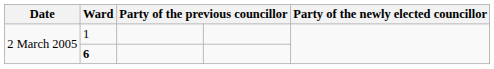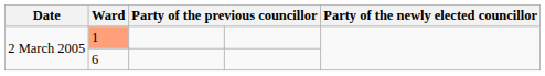 <table class="wikitable">
 <tr>
 <th>Date</th>
 <th>Ward</th>
 <th colspan=2>Party of the previous councillor</th>
 <th colspan=2>Party of the newly elected councillor</th>
 </tr>
 <tr>
 <td rowspan=2>2 March 2005</td>
-<td>1</td>
+<td style="background: lightsalmon;">1</td>
 <td></td>
 <td></td>
 </tr>
 <tr>
-<td><strong>6</strong></td>
+<td>6</td>
 <td></td>
 <td></td>
 </tr>
 </table>
